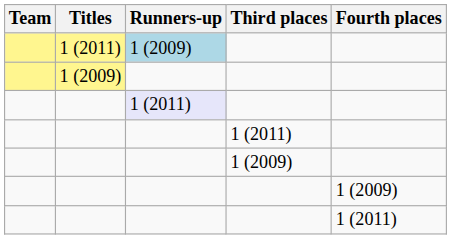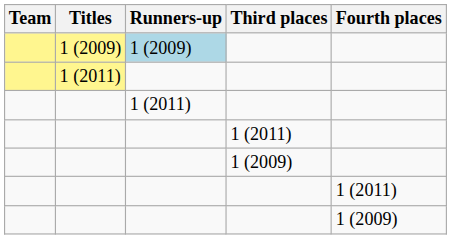 <table class=wikitable>
 <tr>
 <th>Team</th>
 <th>Titles</th>
 <th>Runners-up</th>
 <th>Third places</th>
 <th>Fourth places</th>
 </tr>
 <tr>
 <td style=background:#FFF68F></td>
-<td style=background:#FFF68F>1 (2011)</td>
+<td style=background:#FFF68F>1 (2009)</td>
 <td style="background: lightblue;">1 (2009)</td>
 <td></td>
 <td></td>
 </tr>
 <tr>
 <td style=background:#FFF68F></td>
-<td style=background:#FFF68F>1 (2009)</td>
+<td style=background:#FFF68F>1 (2011)</td>
 <td></td>
 <td></td>
 <td></td>
 </tr>
 <tr>
 <td></td>
 <td></td>
-<td style="background: lavender;">1 (2011)</td>
+<td>1 (2011)</td>
 <td></td>
 <td></td>
 </tr>
 <tr>
 <td></td>
 <td></td>
 <td></td>
 <td>1 (2011)</td>
 <td></td>
 </tr>
 <tr>
 <td></td>
 <td></td>
 <td></td>
 <td>1 (2009)</td>
 <td></td>
 </tr>
 <tr>
 <td></td>
 <td></td>
 <td></td>
 <td></td>
-<td>1 (2009)</td>
+<td>1 (2011)</td>
 </tr>
 <tr>
 <td></td>
 <td></td>
 <td></td>
 <td></td>
-<td>1 (2011)</td>
+<td>1 (2009)</td>
 </tr>
 </table>
